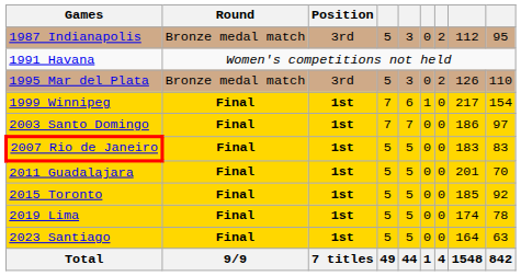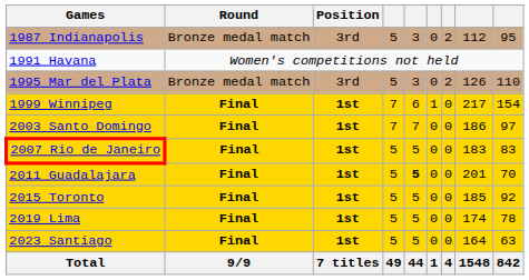 <table class="wikitable" style="text-align:center; font-size:90%;">
 <tr>
 <th>Games</th>
 <th>Round</th>
 <th>Position</th>
 <th></th>
 <th></th>
 <th></th>
 <th></th>
 <th></th>
 <th></th>
 </tr>
 <tr style="background:#cfaa88;">
 <td align=left> <a href='#'>1987 Indianapolis</a></td>
 <td>Bronze medal match</td>
 <td>3rd</td>
 <td>5</td>
 <td>3</td>
 <td>0</td>
 <td>2</td>
 <td>112</td>
 <td>95</td>
 </tr>
 <tr>
 <td align=left> <a href='#'>1991 Havana</a></td>
 <td colspan="9"><em>Women's competitions not held</em></td>
 </tr>
 <tr style="background:#cfaa88;">
 <td align=left> <a href='#'>1995 Mar del Plata</a></td>
 <td>Bronze medal match</td>
 <td>3rd</td>
 <td>5</td>
 <td>3</td>
 <td>0</td>
 <td>2</td>
 <td>126</td>
 <td>110</td>
 </tr>
 <tr style="background:gold;">
 <td align=left> <a href='#'>1999 Winnipeg</a></td>
 <td><strong>Final</strong></td>
 <td><strong>1st</strong></td>
 <td>7</td>
 <td>6</td>
 <td>1</td>
 <td>0</td>
 <td>217</td>
 <td>154</td>
 </tr>
 <tr style="background:gold;">
 <td align=left> <a href='#'>2003 Santo Domingo</a></td>
 <td><strong>Final</strong></td>
 <td><strong>1st</strong></td>
 <td>7</td>
 <td>7</td>
 <td>0</td>
 <td>0</td>
 <td>186</td>
 <td>97</td>
 </tr>
 <tr style="background:gold;">
 <td style="border: 3px solid red" align=left> <a href='#'>2007 Rio de Janeiro</a></td>
 <td><strong>Final</strong></td>
 <td><strong>1st</strong></td>
 <td>5</td>
 <td>5</td>
 <td>0</td>
 <td>0</td>
 <td>183</td>
 <td>83</td>
 </tr>
 <tr style="background:gold;">
 <td align=left> <a href='#'>2011 Guadalajara</a></td>
 <td><strong>Final</strong></td>
 <td><strong>1st</strong></td>
 <td>5</td>
-<td>5</td>
+<td><strong>5</strong></td>
 <td>0</td>
 <td>0</td>
 <td>201</td>
 <td>70</td>
 </tr>
 <tr style="background:gold;">
 <td align=left> <a href='#'>2015 Toronto</a></td>
 <td><strong>Final</strong></td>
 <td><strong>1st</strong></td>
 <td>5</td>
 <td>5</td>
 <td>0</td>
 <td>0</td>
 <td>185</td>
 <td>92</td>
 </tr>
 <tr style="background:gold;">
 <td align=left> <a href='#'>2019 Lima</a></td>
 <td><strong>Final</strong></td>
 <td><strong>1st</strong></td>
 <td>5</td>
 <td>5</td>
 <td>0</td>
 <td>0</td>
 <td>174</td>
 <td>78</td>
 </tr>
 <tr style="background:gold;">
 <td align=left> <a href='#'>2023 Santiago</a></td>
 <td><strong>Final</strong></td>
 <td><strong>1st</strong></td>
 <td>5</td>
 <td>5</td>
 <td>0</td>
 <td>0</td>
 <td>164</td>
 <td>63</td>
 </tr>
 <tr>
 <th>Total</th>
 <th>9/9</th>
 <th>7 titles</th>
 <th>49</th>
 <th>44</th>
 <th>1</th>
 <th>4</th>
 <th>1548</th>
 <th>842</th>
 </tr>
 </table>
